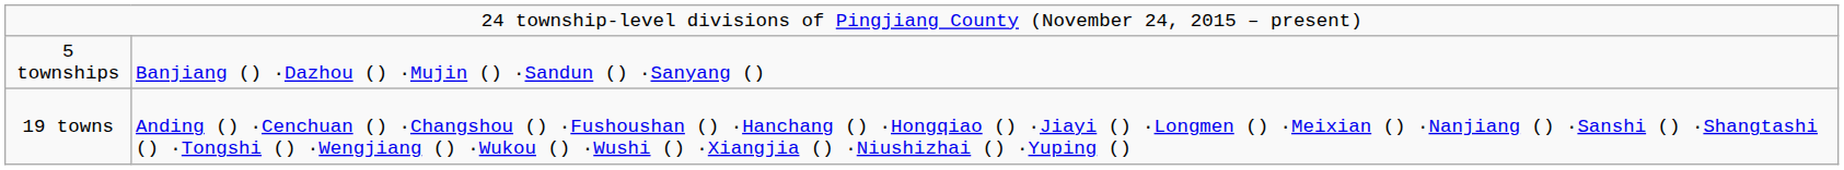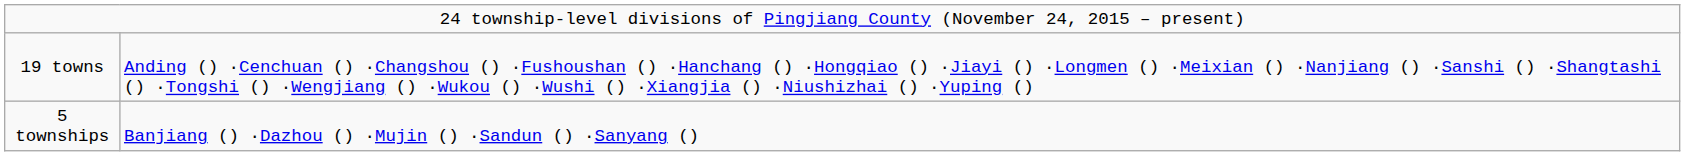 <table class="wikitable">
 <tr>
 <td style="text-align:center;" colspan="2">24 township-level divisions of <a href='#'>Pingjiang County</a> (November 24, 2015 – present)</td>
 </tr>
 <tr align=left>
+<td align=center>19 towns</td>
+<td><br><a href='#'>Anding</a> () ·<a href='#'>Cenchuan</a> () ·<a href='#'>Changshou</a> () ·<a href='#'>Fushoushan</a> () ·<a href='#'>Hanchang</a> () ·<a href='#'>Hongqiao</a> () ·<a href='#'>Jiayi</a> () ·<a href='#'>Longmen</a> () ·<a href='#'>Meixian</a> () ·<a href='#'>Nanjiang</a> () ·<a href='#'>Sanshi</a> () ·<a href='#'>Shangtashi</a> () ·<a href='#'>Tongshi</a> () ·<a href='#'>Wengjiang</a> () ·<a href='#'>Wukou</a> () ·<a href='#'>Wushi</a> () ·<a href='#'>Xiangjia</a> () ·<a href='#'>Niushizhai</a> () ·<a href='#'>Yuping</a> ()</td>
+</tr>
+<tr align=left>
 <td align=center>5 townships</td>
 <td><br><a href='#'>Banjiang</a> () ·<a href='#'>Dazhou</a> () ·<a href='#'>Mujin</a> () ·<a href='#'>Sandun</a> () ·<a href='#'>Sanyang</a> ()</td>
 </tr>
-<tr align=left>
-<td align=center>19 towns</td>
-<td><br><a href='#'>Anding</a> () ·<a href='#'>Cenchuan</a> () ·<a href='#'>Changshou</a> () ·<a href='#'>Fushoushan</a> () ·<a href='#'>Hanchang</a> () ·<a href='#'>Hongqiao</a> () ·<a href='#'>Jiayi</a> () ·<a href='#'>Longmen</a> () ·<a href='#'>Meixian</a> () ·<a href='#'>Nanjiang</a> () ·<a href='#'>Sanshi</a> () ·<a href='#'>Shangtashi</a> () ·<a href='#'>Tongshi</a> () ·<a href='#'>Wengjiang</a> () ·<a href='#'>Wukou</a> () ·<a href='#'>Wushi</a> () ·<a href='#'>Xiangjia</a> () ·<a href='#'>Niushizhai</a> () ·<a href='#'>Yuping</a> ()</td>
-</tr>
 </table>
